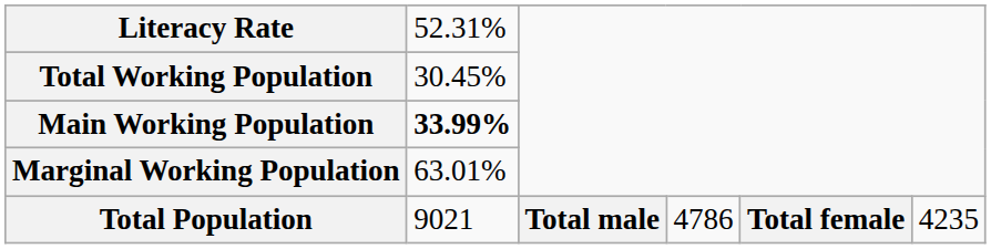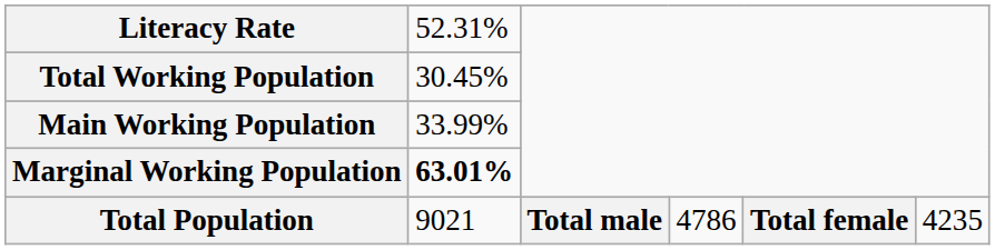 <table class="wikitable">
 <tr>
 <th>Literacy Rate</th>
 <td>52.31%</td>
 </tr>
 <tr>
 <th>Total Working Population</th>
 <td>30.45%</td>
 </tr>
 <tr>
 <th>Main Working Population</th>
-<td><strong>33.99%</strong></td>
+<td>33.99%</td>
 </tr>
 <tr>
 <th>Marginal Working Population</th>
-<td>63.01%</td>
+<td><strong>63.01%</strong></td>
 </tr>
 <tr>
 <th>Total Population</th>
 <td>9021</td>
 <th>Total male</th>
 <td>4786</td>
 <th>Total female</th>
 <td>4235</td>
 </tr>
 </table>
